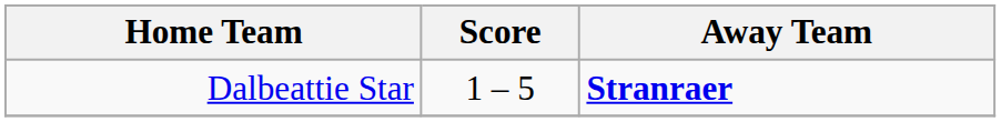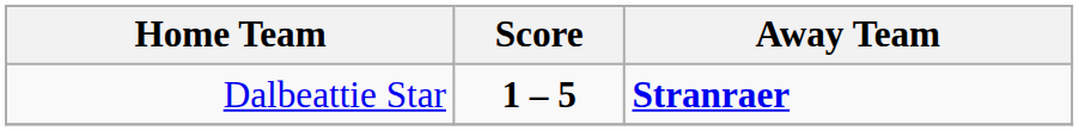 <table class="wikitable" style="border-collapse: collapse;">
 <tr>
 <th align="right" width="185">Home Team</th>
 <th align="center" width="65"> Score </th>
 <th align="left" width="185">Away Team</th>
 </tr>
 <tr>
 <td style="text-align: right;"><a href='#'>Dalbeattie Star</a></td>
-<td style="text-align: center;">1 – 5</td>
+<td style="text-align: center;"><strong>1 – 5</strong></td>
 <td style="text-align: left;"><strong><a href='#'>Stranraer</a></strong></td>
 </tr>
 <tr>
 </tr>
 </table>
